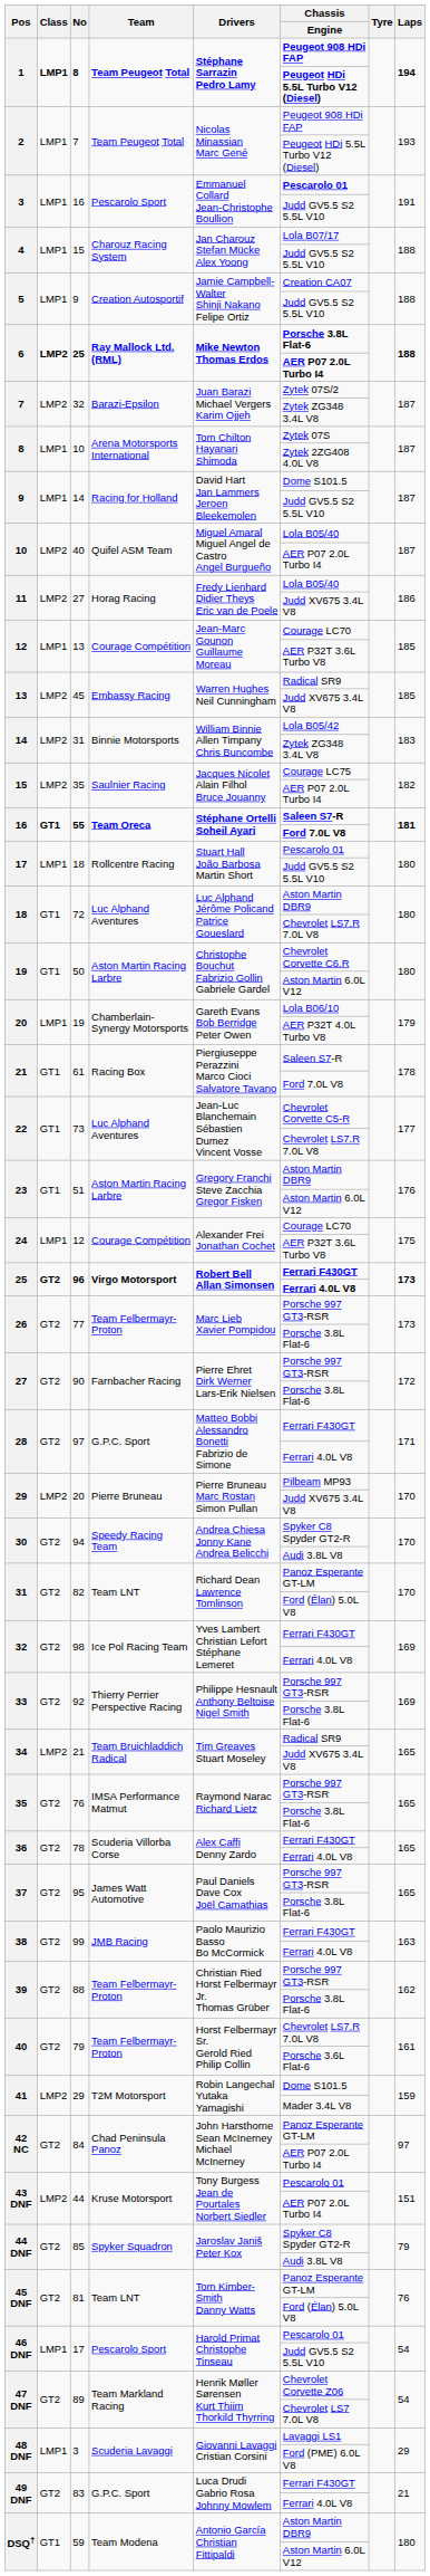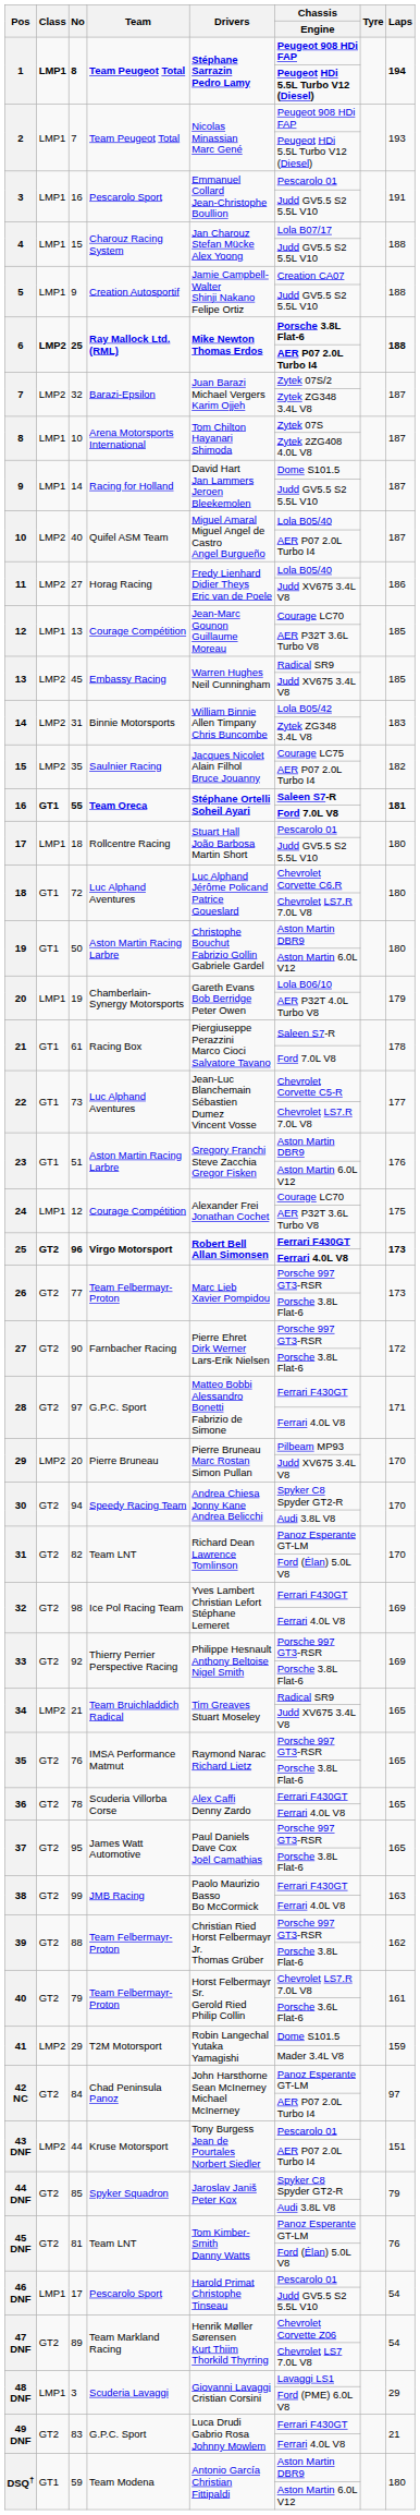 <table class="wikitable" style="font-size: 95%;">
 <tr>
 <th rowspan=2>Pos</th>
 <th rowspan=2>Class</th>
 <th rowspan=2>No</th>
 <th rowspan=2>Team</th>
 <th rowspan=2>Drivers</th>
 <th>Chassis</th>
 <th rowspan=2>Tyre</th>
 <th rowspan=2>Laps</th>
 </tr>
 <tr>
 <th>Engine</th>
 </tr>
 <tr style="font-weight:bold">
 <th rowspan=2>1</th>
 <td rowspan=2>LMP1</td>
 <td rowspan=2>8</td>
 <td rowspan=2> <a href='#'>Team Peugeot</a> <a href='#'>Total</a></td>
 <td rowspan=2> <a href='#'>Stéphane Sarrazin</a><br> <a href='#'>Pedro Lamy</a></td>
 <td><a href='#'>Peugeot 908 HDi FAP</a></td>
 <td rowspan=2></td>
 <td rowspan=2>194</td>
 </tr>
 <tr style="font-weight:bold">
 <td><a href='#'>Peugeot</a> <a href='#'>HDi</a> 5.5L Turbo V12<br>(<a href='#'>Diesel</a>)</td>
 </tr>
 <tr>
 <th rowspan=2>2</th>
 <td rowspan=2>LMP1</td>
 <td rowspan=2>7</td>
 <td rowspan=2> <a href='#'>Team Peugeot</a> <a href='#'>Total</a></td>
 <td rowspan=2> <a href='#'>Nicolas Minassian</a><br> <a href='#'>Marc Gené</a></td>
 <td><a href='#'>Peugeot 908 HDi FAP</a></td>
 <td rowspan=2></td>
 <td rowspan=2>193</td>
 </tr>
 <tr>
 <td><a href='#'>Peugeot</a> <a href='#'>HDi</a> 5.5L Turbo V12<br>(<a href='#'>Diesel</a>)</td>
 </tr>
 <tr>
 <th rowspan=2>3</th>
 <td rowspan=2>LMP1</td>
 <td rowspan=2>16</td>
 <td rowspan=2> <a href='#'>Pescarolo Sport</a></td>
 <td rowspan=2> <a href='#'>Emmanuel Collard</a><br> <a href='#'>Jean-Christophe Boullion</a></td>
-<td><strong><a href='#'>Pescarolo 01</a></strong></td>
+<td><a href='#'>Pescarolo 01</a></td>
 <td rowspan=2></td>
 <td rowspan=2>191</td>
 </tr>
 <tr>
 <td><a href='#'>Judd</a> GV5.5 S2 5.5L V10</td>
 </tr>
 <tr>
 <th rowspan=2>4</th>
 <td rowspan=2>LMP1</td>
 <td rowspan=2>15</td>
 <td rowspan=2> <a href='#'>Charouz Racing System</a></td>
 <td rowspan=2> <a href='#'>Jan Charouz</a><br> <a href='#'>Stefan Mücke</a><br> <a href='#'>Alex Yoong</a></td>
 <td><a href='#'>Lola B07/17</a></td>
 <td rowspan=2></td>
 <td rowspan=2>188</td>
 </tr>
 <tr>
 <td><a href='#'>Judd</a> GV5.5 S2 5.5L V10</td>
 </tr>
 <tr>
 <th rowspan=2>5</th>
 <td rowspan=2>LMP1</td>
 <td rowspan=2>9</td>
 <td rowspan=2> <a href='#'>Creation Autosportif</a></td>
 <td rowspan=2> <a href='#'>Jamie Campbell-Walter</a><br> <a href='#'>Shinji Nakano</a><br> Felipe Ortiz</td>
 <td><a href='#'>Creation CA07</a></td>
 <td rowspan=2></td>
 <td rowspan=2>188</td>
 </tr>
 <tr>
 <td><a href='#'>Judd</a> GV5.5 S2 5.5L V10</td>
 </tr>
 <tr style="font-weight:bold">
 <th rowspan=2>6</th>
 <td rowspan=2>LMP2</td>
 <td rowspan=2>25</td>
 <td rowspan=2> <a href='#'>Ray Mallock Ltd. (RML)</a></td>
 <td rowspan=2> <a href='#'>Mike Newton</a><br> <a href='#'>Thomas Erdos</a></td>
 <td><a href='#'>Porsche</a> 3.8L Flat-6</td>
 <td rowspan=2></td>
 <td rowspan=2>188</td>
 </tr>
 <tr style="font-weight:bold">
 <td><a href='#'>AER</a> P07 2.0L Turbo I4</td>
 </tr>
 <tr>
 <th rowspan=2>7</th>
 <td rowspan=2>LMP2</td>
 <td rowspan=2>32</td>
 <td rowspan=2> <a href='#'>Barazi-Epsilon</a></td>
 <td rowspan=2> <a href='#'>Juan Barazi</a><br> Michael Vergers<br> <a href='#'>Karim Ojjeh</a></td>
 <td><a href='#'>Zytek</a> 07S/2</td>
 <td rowspan=2></td>
 <td rowspan=2>187</td>
 </tr>
 <tr>
 <td><a href='#'>Zytek</a> ZG348 3.4L V8</td>
 </tr>
 <tr>
 <th rowspan=2>8</th>
 <td rowspan=2>LMP1</td>
 <td rowspan=2>10</td>
 <td rowspan=2> <a href='#'>Arena Motorsports International</a></td>
 <td rowspan=2> <a href='#'>Tom Chilton</a><br> <a href='#'>Hayanari Shimoda</a></td>
 <td><a href='#'>Zytek</a> 07S</td>
 <td rowspan=2></td>
 <td rowspan=2>187</td>
 </tr>
 <tr>
 <td><a href='#'>Zytek</a> 2ZG408 4.0L V8</td>
 </tr>
 <tr>
 <th rowspan=2>9</th>
 <td rowspan=2>LMP1</td>
 <td rowspan=2>14</td>
 <td rowspan=2> <a href='#'>Racing for Holland</a></td>
 <td rowspan=2> David Hart<br> <a href='#'>Jan Lammers</a><br> <a href='#'>Jeroen Bleekemolen</a></td>
 <td><a href='#'>Dome</a> S101.5</td>
 <td rowspan=2></td>
 <td rowspan=2>187</td>
 </tr>
 <tr>
 <td><a href='#'>Judd</a> GV5.5 S2 5.5L V10</td>
 </tr>
 <tr>
 <th rowspan=2>10</th>
 <td rowspan=2>LMP2</td>
 <td rowspan=2>40</td>
 <td rowspan=2> Quifel ASM Team</td>
 <td rowspan=2> <a href='#'>Miguel Amaral</a><br> Miguel Angel de Castro<br> <a href='#'>Angel Burgueño</a></td>
 <td><a href='#'>Lola B05/40</a></td>
 <td rowspan=2></td>
 <td rowspan=2>187</td>
 </tr>
 <tr>
 <td><a href='#'>AER</a> P07 2.0L Turbo I4</td>
 </tr>
 <tr>
 <th rowspan=2>11</th>
 <td rowspan=2>LMP2</td>
 <td rowspan=2>27</td>
 <td rowspan=2> Horag Racing</td>
 <td rowspan=2> <a href='#'>Fredy Lienhard</a><br> <a href='#'>Didier Theys</a><br> <a href='#'>Eric van de Poele</a></td>
 <td><a href='#'>Lola B05/40</a></td>
 <td rowspan=2></td>
 <td rowspan=2>186</td>
 </tr>
 <tr>
 <td><a href='#'>Judd</a> XV675 3.4L V8</td>
 </tr>
 <tr>
 <th rowspan=2>12</th>
 <td rowspan=2>LMP1</td>
 <td rowspan=2>13</td>
 <td rowspan=2> <a href='#'>Courage Compétition</a></td>
 <td rowspan=2> <a href='#'>Jean-Marc Gounon</a><br> <a href='#'>Guillaume Moreau</a></td>
 <td><a href='#'>Courage</a> LC70</td>
 <td rowspan=2></td>
 <td rowspan=2>185</td>
 </tr>
 <tr>
 <td><a href='#'>AER</a> P32T 3.6L Turbo V8</td>
 </tr>
 <tr>
 <th rowspan=2>13</th>
 <td rowspan=2>LMP2</td>
 <td rowspan=2>45</td>
 <td rowspan=2> <a href='#'>Embassy Racing</a></td>
 <td rowspan=2> <a href='#'>Warren Hughes</a><br> Neil Cunningham</td>
 <td><a href='#'>Radical</a> SR9</td>
 <td rowspan=2></td>
 <td rowspan=2>185</td>
 </tr>
 <tr>
 <td><a href='#'>Judd</a> XV675 3.4L V8</td>
 </tr>
 <tr>
 <th rowspan=2>14</th>
 <td rowspan=2>LMP2</td>
 <td rowspan=2>31</td>
 <td rowspan=2> Binnie Motorsports</td>
 <td rowspan=2> <a href='#'>William Binnie</a><br> Allen Timpany<br> <a href='#'>Chris Buncombe</a></td>
 <td><a href='#'>Lola B05/42</a></td>
 <td rowspan=2></td>
 <td rowspan=2>183</td>
 </tr>
 <tr>
 <td><a href='#'>Zytek</a> ZG348 3.4L V8</td>
 </tr>
 <tr>
 <th rowspan=2>15</th>
 <td rowspan=2>LMP2</td>
 <td rowspan=2>35</td>
 <td rowspan=2> <a href='#'>Saulnier Racing</a></td>
 <td rowspan=2> <a href='#'>Jacques Nicolet</a><br> Alain Filhol<br> <a href='#'>Bruce Jouanny</a></td>
 <td><a href='#'>Courage</a> LC75</td>
 <td rowspan=2></td>
 <td rowspan=2>182</td>
 </tr>
 <tr>
 <td><a href='#'>AER</a> P07 2.0L Turbo I4</td>
 </tr>
 <tr style="font-weight:bold">
 <th rowspan=2>16</th>
 <td rowspan=2>GT1</td>
 <td rowspan=2>55</td>
 <td rowspan=2> <a href='#'>Team Oreca</a></td>
 <td rowspan=2> <a href='#'>Stéphane Ortelli</a><br> <a href='#'>Soheil Ayari</a></td>
 <td><a href='#'>Saleen S7</a>-R</td>
 <td rowspan=2></td>
 <td rowspan=2>181</td>
 </tr>
 <tr style="font-weight:bold">
 <td><a href='#'>Ford</a> 7.0L V8</td>
 </tr>
 <tr>
 <th rowspan=2>17</th>
 <td rowspan=2>LMP1</td>
 <td rowspan=2>18</td>
 <td rowspan=2> Rollcentre Racing</td>
 <td rowspan=2> <a href='#'>Stuart Hall</a><br> <a href='#'>João Barbosa</a><br> Martin Short</td>
 <td><a href='#'>Pescarolo 01</a></td>
 <td rowspan=2></td>
 <td rowspan=2>180</td>
 </tr>
 <tr>
 <td><a href='#'>Judd</a> GV5.5 S2 5.5L V10</td>
 </tr>
 <tr>
 <th rowspan=2>18</th>
 <td rowspan=2>GT1</td>
 <td rowspan=2>72</td>
 <td rowspan=2> <a href='#'>Luc Alphand</a> Aventures</td>
 <td rowspan=2> <a href='#'>Luc Alphand</a><br> <a href='#'>Jérôme Policand</a><br> <a href='#'>Patrice Goueslard</a></td>
-<td><a href='#'>Aston Martin DBR9</a></td>
+<td><a href='#'>Chevrolet Corvette C6.R</a></td>
 <td rowspan=2></td>
 <td rowspan=2>180</td>
 </tr>
 <tr>
 <td><a href='#'>Chevrolet</a> <a href='#'>LS7.R</a> 7.0L V8</td>
 </tr>
 <tr>
 <th rowspan=2>19</th>
 <td rowspan=2>GT1</td>
 <td rowspan=2>50</td>
 <td rowspan=2> <a href='#'>Aston Martin Racing</a> <a href='#'>Larbre</a></td>
 <td rowspan=2> <a href='#'>Christophe Bouchut</a><br> <a href='#'>Fabrizio Gollin</a><br> Gabriele Gardel</td>
-<td><a href='#'>Chevrolet Corvette C6.R</a></td>
+<td><a href='#'>Aston Martin DBR9</a></td>
 <td rowspan=2></td>
 <td rowspan=2>180</td>
 </tr>
 <tr>
 <td><a href='#'>Aston Martin</a> 6.0L V12</td>
 </tr>
 <tr>
 <th rowspan=2>20</th>
 <td rowspan=2>LMP1</td>
 <td rowspan=2>19</td>
 <td rowspan=2> Chamberlain-Synergy Motorsports</td>
 <td rowspan=2> Gareth Evans<br> <a href='#'>Bob Berridge</a><br> Peter Owen</td>
 <td><a href='#'>Lola B06/10</a></td>
 <td rowspan=2></td>
 <td rowspan=2>179</td>
 </tr>
 <tr>
 <td><a href='#'>AER</a> P32T 4.0L Turbo V8</td>
 </tr>
 <tr>
 <th rowspan=2>21</th>
 <td rowspan=2>GT1</td>
 <td rowspan=2>61</td>
 <td rowspan=2> Racing Box</td>
 <td rowspan=2> Piergiuseppe Perazzini<br> Marco Cioci<br> <a href='#'>Salvatore Tavano</a></td>
 <td><a href='#'>Saleen S7</a>-R</td>
 <td rowspan=2></td>
 <td rowspan=2>178</td>
 </tr>
 <tr>
 <td><a href='#'>Ford</a> 7.0L V8</td>
 </tr>
 <tr>
 <th rowspan=2>22</th>
 <td rowspan=2>GT1</td>
 <td rowspan=2>73</td>
 <td rowspan=2> <a href='#'>Luc Alphand</a> Aventures</td>
 <td rowspan=2> Jean-Luc Blanchemain<br> Sébastien Dumez<br> Vincent Vosse</td>
 <td><a href='#'>Chevrolet Corvette C5-R</a></td>
 <td rowspan=2></td>
 <td rowspan=2>177</td>
 </tr>
 <tr>
 <td><a href='#'>Chevrolet</a> <a href='#'>LS7.R</a> 7.0L V8</td>
 </tr>
 <tr>
 <th rowspan=2>23</th>
 <td rowspan=2>GT1</td>
 <td rowspan=2>51</td>
 <td rowspan=2> <a href='#'>Aston Martin Racing</a> <a href='#'>Larbre</a></td>
 <td rowspan=2> <a href='#'>Gregory Franchi</a><br> Steve Zacchia<br> <a href='#'>Gregor Fisken</a></td>
 <td><a href='#'>Aston Martin DBR9</a></td>
 <td rowspan=2></td>
 <td rowspan=2>176</td>
 </tr>
 <tr>
 <td><a href='#'>Aston Martin</a> 6.0L V12</td>
 </tr>
 <tr>
 <th rowspan=2>24</th>
 <td rowspan=2>LMP1</td>
 <td rowspan=2>12</td>
 <td rowspan=2> <a href='#'>Courage Compétition</a></td>
 <td rowspan=2> Alexander Frei<br> <a href='#'>Jonathan Cochet</a></td>
 <td><a href='#'>Courage</a> LC70</td>
 <td rowspan=2></td>
 <td rowspan=2>175</td>
 </tr>
 <tr>
 <td><a href='#'>AER</a> P32T 3.6L Turbo V8</td>
 </tr>
 <tr style="font-weight:bold">
 <th rowspan=2>25</th>
 <td rowspan=2>GT2</td>
 <td rowspan=2>96</td>
 <td rowspan=2> Virgo Motorsport</td>
 <td rowspan=2> <a href='#'>Robert Bell</a><br> <a href='#'>Allan Simonsen</a></td>
 <td><a href='#'>Ferrari F430GT</a></td>
 <td rowspan=2></td>
 <td rowspan=2>173</td>
 </tr>
 <tr style="font-weight:bold">
 <td><a href='#'>Ferrari</a> 4.0L V8</td>
 </tr>
 <tr>
 <th rowspan=2>26</th>
 <td rowspan=2>GT2</td>
 <td rowspan=2>77</td>
 <td rowspan=2> <a href='#'>Team Felbermayr-Proton</a></td>
 <td rowspan=2> <a href='#'>Marc Lieb</a><br> <a href='#'>Xavier Pompidou</a></td>
 <td><a href='#'>Porsche 997 GT3</a>-RSR</td>
 <td rowspan=2></td>
 <td rowspan=2>173</td>
 </tr>
 <tr>
 <td><a href='#'>Porsche</a> 3.8L Flat-6</td>
 </tr>
 <tr>
 <th rowspan=2>27</th>
 <td rowspan=2>GT2</td>
 <td rowspan=2>90</td>
 <td rowspan=2> Farnbacher Racing</td>
 <td rowspan=2> Pierre Ehret<br> <a href='#'>Dirk Werner</a><br> Lars-Erik Nielsen</td>
 <td><a href='#'>Porsche 997 GT3</a>-RSR</td>
 <td rowspan=2></td>
 <td rowspan=2>172</td>
 </tr>
 <tr>
 <td><a href='#'>Porsche</a> 3.8L Flat-6</td>
 </tr>
 <tr>
 <th rowspan=2>28</th>
 <td rowspan=2>GT2</td>
 <td rowspan=2>97</td>
 <td rowspan=2> G.P.C. Sport</td>
 <td rowspan=2> <a href='#'>Matteo Bobbi</a><br> <a href='#'>Alessandro Bonetti</a><br> Fabrizio de Simone</td>
 <td><a href='#'>Ferrari F430GT</a></td>
 <td rowspan=2></td>
 <td rowspan=2>171</td>
 </tr>
 <tr>
 <td><a href='#'>Ferrari</a> 4.0L V8</td>
 </tr>
 <tr>
 <th rowspan=2>29</th>
 <td rowspan=2>LMP2</td>
 <td rowspan=2>20</td>
 <td rowspan=2> Pierre Bruneau</td>
 <td rowspan=2> Pierre Bruneau<br> <a href='#'>Marc Rostan</a><br> Simon Pullan</td>
 <td><a href='#'>Pilbeam</a> MP93</td>
 <td rowspan=2></td>
 <td rowspan=2>170</td>
 </tr>
 <tr>
 <td><a href='#'>Judd</a> XV675 3.4L V8</td>
 </tr>
 <tr>
 <th rowspan=2>30</th>
 <td rowspan=2>GT2</td>
 <td rowspan=2>94</td>
 <td rowspan=2> <a href='#'>Speedy Racing Team</a></td>
 <td rowspan=2> <a href='#'>Andrea Chiesa</a><br> <a href='#'>Jonny Kane</a><br> <a href='#'>Andrea Belicchi</a></td>
 <td><a href='#'>Spyker C8</a> Spyder GT2-R</td>
 <td rowspan=2></td>
 <td rowspan=2>170</td>
 </tr>
 <tr>
 <td><a href='#'>Audi</a> 3.8L V8</td>
 </tr>
 <tr>
 <th rowspan=2>31</th>
 <td rowspan=2>GT2</td>
 <td rowspan=2>82</td>
 <td rowspan=2> Team LNT</td>
 <td rowspan=2> Richard Dean<br> <a href='#'>Lawrence Tomlinson</a></td>
 <td><a href='#'>Panoz Esperante</a> GT-LM</td>
 <td rowspan=2></td>
 <td rowspan=2>170</td>
 </tr>
 <tr>
 <td><a href='#'>Ford</a> (<a href='#'>Élan</a>) 5.0L V8</td>
 </tr>
 <tr>
 <th rowspan=2>32</th>
 <td rowspan=2>GT2</td>
 <td rowspan=2>98</td>
 <td rowspan=2> Ice Pol Racing Team</td>
 <td rowspan=2> Yves Lambert<br> Christian Lefort<br> Stéphane Lemeret</td>
 <td><a href='#'>Ferrari F430GT</a></td>
 <td rowspan=2></td>
 <td rowspan=2>169</td>
 </tr>
 <tr>
 <td><a href='#'>Ferrari</a> 4.0L V8</td>
 </tr>
 <tr>
 <th rowspan=2>33</th>
 <td rowspan=2>GT2</td>
 <td rowspan=2>92</td>
 <td rowspan=2> Thierry Perrier<br> Perspective Racing</td>
 <td rowspan=2> Philippe Hesnault<br> <a href='#'>Anthony Beltoise</a><br> <a href='#'>Nigel Smith</a></td>
 <td><a href='#'>Porsche 997 GT3</a>-RSR</td>
 <td rowspan=2></td>
 <td rowspan=2>169</td>
 </tr>
 <tr>
 <td><a href='#'>Porsche</a> 3.8L Flat-6</td>
 </tr>
 <tr>
 <th rowspan=2>34</th>
 <td rowspan=2>LMP2</td>
 <td rowspan=2>21</td>
 <td rowspan=2> <a href='#'>Team Bruichladdich</a> <a href='#'>Radical</a></td>
 <td rowspan=2> <a href='#'>Tim Greaves</a><br> Stuart Moseley</td>
 <td><a href='#'>Radical</a> SR9</td>
 <td rowspan=2></td>
 <td rowspan=2>165</td>
 </tr>
 <tr>
 <td><a href='#'>Judd</a> XV675 3.4L V8</td>
 </tr>
 <tr>
 <th rowspan=2>35</th>
 <td rowspan=2>GT2</td>
 <td rowspan=2>76</td>
 <td rowspan=2> IMSA Performance Matmut</td>
 <td rowspan=2> Raymond Narac<br> <a href='#'>Richard Lietz</a></td>
 <td><a href='#'>Porsche 997 GT3</a>-RSR</td>
 <td rowspan=2></td>
 <td rowspan=2>165</td>
 </tr>
 <tr>
 <td><a href='#'>Porsche</a> 3.8L Flat-6</td>
 </tr>
 <tr>
 <th rowspan=2>36</th>
 <td rowspan=2>GT2</td>
 <td rowspan=2>78</td>
 <td rowspan=2> Scuderia Villorba Corse</td>
 <td rowspan=2> <a href='#'>Alex Caffi</a><br> Denny Zardo</td>
 <td><a href='#'>Ferrari F430GT</a></td>
 <td rowspan=2></td>
 <td rowspan=2>165</td>
 </tr>
 <tr>
 <td><a href='#'>Ferrari</a> 4.0L V8</td>
 </tr>
 <tr>
 <th rowspan=2>37</th>
 <td rowspan=2>GT2</td>
 <td rowspan=2>95</td>
 <td rowspan=2> James Watt Automotive</td>
 <td rowspan=2> Paul Daniels<br> Dave Cox<br> <a href='#'>Joël Camathias</a></td>
 <td><a href='#'>Porsche 997 GT3</a>-RSR</td>
 <td rowspan=2></td>
 <td rowspan=2>165</td>
 </tr>
 <tr>
 <td><a href='#'>Porsche</a> 3.8L Flat-6</td>
 </tr>
 <tr>
 <th rowspan=2>38</th>
 <td rowspan=2>GT2</td>
 <td rowspan=2>99</td>
 <td rowspan=2> <a href='#'>JMB Racing</a></td>
 <td rowspan=2> Paolo Maurizio Basso<br> Bo McCormick</td>
 <td><a href='#'>Ferrari F430GT</a></td>
 <td rowspan=2></td>
 <td rowspan=2>163</td>
 </tr>
 <tr>
 <td><a href='#'>Ferrari</a> 4.0L V8</td>
 </tr>
 <tr>
 <th rowspan=2>39</th>
 <td rowspan=2>GT2</td>
 <td rowspan=2>88</td>
 <td rowspan=2> <a href='#'>Team Felbermayr-Proton</a></td>
 <td rowspan=2> Christian Ried<br> Horst Felbermayr Jr.<br> Thomas Grüber</td>
 <td><a href='#'>Porsche 997 GT3</a>-RSR</td>
 <td rowspan=2></td>
 <td rowspan=2>162</td>
 </tr>
 <tr>
 <td><a href='#'>Porsche</a> 3.8L Flat-6</td>
 </tr>
 <tr>
 <th rowspan=2>40</th>
 <td rowspan=2>GT2</td>
 <td rowspan=2>79</td>
 <td rowspan=2> <a href='#'>Team Felbermayr-Proton</a></td>
 <td rowspan=2> Horst Felbermayr Sr.<br> Gerold Ried<br> Philip Collin</td>
 <td><a href='#'>Chevrolet</a> <a href='#'>LS7.R</a> 7.0L V8</td>
 <td rowspan=2></td>
 <td rowspan=2>161</td>
 </tr>
 <tr>
 <td><a href='#'>Porsche</a> 3.6L Flat-6</td>
 </tr>
 <tr>
 <th rowspan=2>41</th>
 <td rowspan=2>LMP2</td>
 <td rowspan=2>29</td>
 <td rowspan=2> T2M Motorsport</td>
 <td rowspan=2> Robin Langechal<br> Yutaka Yamagishi</td>
 <td><a href='#'>Dome</a> S101.5</td>
 <td rowspan=2></td>
 <td rowspan=2>159</td>
 </tr>
 <tr>
 <td>Mader 3.4L V8</td>
 </tr>
 <tr>
 <th rowspan=2>42<br>NC</th>
 <td rowspan=2>GT2</td>
 <td rowspan=2>84</td>
 <td rowspan=2> Chad Peninsula <a href='#'>Panoz</a></td>
 <td rowspan=2> John Harsthorne<br> Sean McInerney<br> Michael McInerney</td>
 <td><a href='#'>Panoz Esperante</a> GT-LM</td>
 <td rowspan=2></td>
 <td rowspan=2>97</td>
 </tr>
 <tr>
 <td><a href='#'>AER</a> P07 2.0L Turbo I4</td>
 </tr>
 <tr>
 <th rowspan=2>43<br>DNF</th>
 <td rowspan=2>LMP2</td>
 <td rowspan=2>44</td>
 <td rowspan=2> Kruse Motorsport</td>
 <td rowspan=2> Tony Burgess<br> <a href='#'>Jean de Pourtales</a><br> <a href='#'>Norbert Siedler</a></td>
 <td><a href='#'>Pescarolo 01</a></td>
 <td rowspan=2></td>
 <td rowspan=2>151</td>
 </tr>
 <tr>
 <td><a href='#'>AER</a> P07 2.0L Turbo I4</td>
 </tr>
 <tr>
 <th rowspan=2>44<br>DNF</th>
 <td rowspan=2>GT2</td>
 <td rowspan=2>85</td>
 <td rowspan=2> <a href='#'>Spyker Squadron</a></td>
 <td rowspan=2> <a href='#'>Jaroslav Janiš</a><br> <a href='#'>Peter Kox</a></td>
 <td><a href='#'>Spyker C8</a> Spyder GT2-R</td>
 <td rowspan=2></td>
 <td rowspan=2>79</td>
 </tr>
 <tr>
 <td><a href='#'>Audi</a> 3.8L V8</td>
 </tr>
 <tr>
 <th rowspan=2>45<br>DNF</th>
 <td rowspan=2>GT2</td>
 <td rowspan=2>81</td>
 <td rowspan=2> Team LNT</td>
 <td rowspan=2> <a href='#'>Tom Kimber-Smith</a><br> <a href='#'>Danny Watts</a></td>
 <td><a href='#'>Panoz Esperante</a> GT-LM</td>
 <td rowspan=2></td>
 <td rowspan=2>76</td>
 </tr>
 <tr>
 <td><a href='#'>Ford</a> (<a href='#'>Élan</a>) 5.0L V8</td>
 </tr>
 <tr>
 <th rowspan=2>46<br>DNF</th>
 <td rowspan=2>LMP1</td>
 <td rowspan=2>17</td>
 <td rowspan=2> <a href='#'>Pescarolo Sport</a></td>
 <td rowspan=2> <a href='#'>Harold Primat</a><br> <a href='#'>Christophe Tinseau</a></td>
 <td><a href='#'>Pescarolo 01</a></td>
 <td rowspan=2></td>
 <td rowspan=2>54</td>
 </tr>
 <tr>
 <td><a href='#'>Judd</a> GV5.5 S2 5.5L V10</td>
 </tr>
 <tr>
 <th rowspan=2>47<br>DNF</th>
 <td rowspan=2>GT2</td>
 <td rowspan=2>89</td>
 <td rowspan=2> Team Markland Racing</td>
 <td rowspan=2> Henrik Møller Sørensen<br> <a href='#'>Kurt Thiim</a><br> <a href='#'>Thorkild Thyrring</a></td>
 <td><a href='#'>Chevrolet Corvette Z06</a></td>
 <td rowspan=2></td>
 <td rowspan=2>54</td>
 </tr>
 <tr>
 <td><a href='#'>Chevrolet</a> <a href='#'>LS7</a> 7.0L V8</td>
 </tr>
 <tr>
 <th rowspan=2>48<br>DNF</th>
 <td rowspan=2>LMP1</td>
 <td rowspan=2>3</td>
 <td rowspan=2> <a href='#'>Scuderia Lavaggi</a></td>
 <td rowspan=2> <a href='#'>Giovanni Lavaggi</a><br> Cristian Corsini</td>
 <td><a href='#'>Lavaggi LS1</a></td>
 <td rowspan=2></td>
 <td rowspan=2>29</td>
 </tr>
 <tr>
 <td><a href='#'>Ford</a> (PME) 6.0L V8</td>
 </tr>
 <tr>
 <th rowspan=2>49<br>DNF</th>
 <td rowspan=2>GT2</td>
 <td rowspan=2>83</td>
 <td rowspan=2> G.P.C. Sport</td>
 <td rowspan=2> Luca Drudi<br> Gabrio Rosa<br> <a href='#'>Johnny Mowlem</a></td>
 <td><a href='#'>Ferrari F430GT</a></td>
 <td rowspan=2></td>
 <td rowspan=2>21</td>
 </tr>
 <tr>
 <td><a href='#'>Ferrari</a> 4.0L V8</td>
 </tr>
 <tr>
 <th rowspan=2>DSQ<sup>†</sup></th>
 <td rowspan=2>GT1</td>
 <td rowspan=2>59</td>
 <td rowspan=2> Team Modena</td>
 <td rowspan=2> <a href='#'>Antonio García</a><br> <a href='#'>Christian Fittipaldi</a></td>
 <td><a href='#'>Aston Martin DBR9</a></td>
 <td rowspan=2></td>
 <td rowspan=2>180</td>
 </tr>
 <tr>
 <td><a href='#'>Aston Martin</a> 6.0L V12</td>
 </tr>
 </table>
